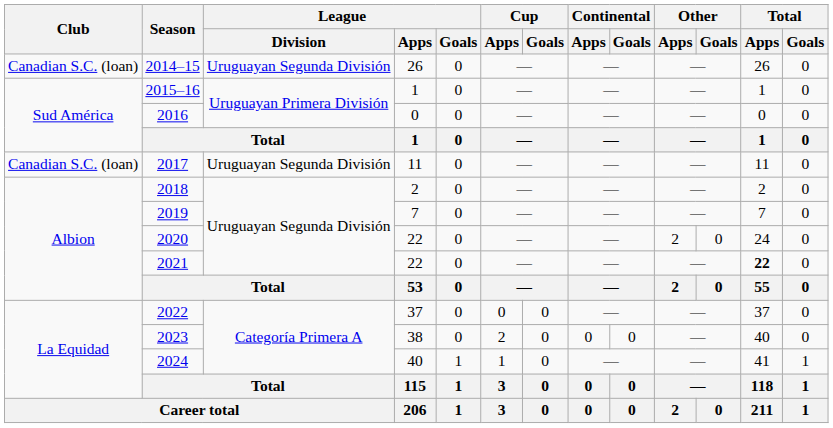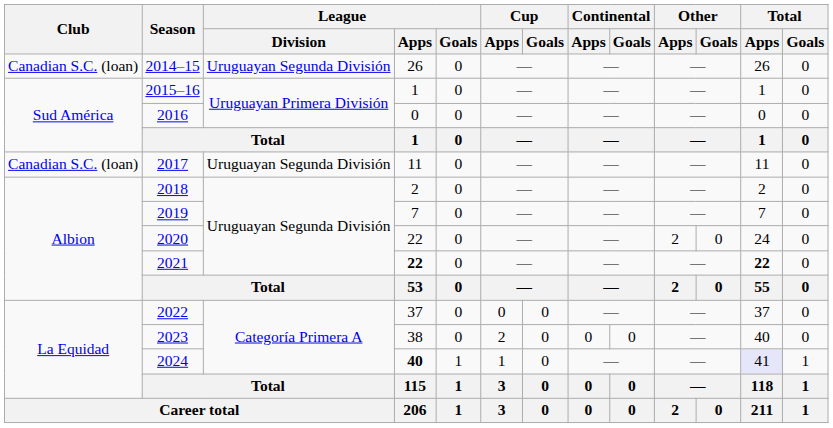 <table class="wikitable" style="text-align:center">
 <tr>
 <th rowspan="2">Club</th>
 <th rowspan="2">Season</th>
 <th colspan="3">League</th>
 <th colspan="2">Cup</th>
 <th colspan="2">Continental</th>
 <th colspan="2">Other</th>
 <th colspan="2">Total</th>
 </tr>
 <tr>
 <th>Division</th>
 <th>Apps</th>
 <th>Goals</th>
 <th>Apps</th>
 <th>Goals</th>
 <th>Apps</th>
 <th>Goals</th>
 <th>Apps</th>
 <th>Goals</th>
 <th>Apps</th>
 <th>Goals</th>
 </tr>
 <tr>
 <td><a href='#'>Canadian S.C.</a> (loan)</td>
 <td><a href='#'>2014–15</a></td>
 <td><a href='#'>Uruguayan Segunda División</a></td>
 <td>26</td>
 <td>0</td>
 <td colspan="2">—</td>
 <td colspan="2">—</td>
 <td colspan="2">—</td>
 <td>26</td>
 <td>0</td>
 </tr>
 <tr>
 <td rowspan="3"><a href='#'>Sud América</a></td>
 <td><a href='#'>2015–16</a></td>
 <td rowspan="2"><a href='#'>Uruguayan Primera División</a></td>
 <td>1</td>
 <td>0</td>
 <td colspan="2">—</td>
 <td colspan="2">—</td>
 <td colspan="2">—</td>
 <td>1</td>
 <td>0</td>
 </tr>
 <tr>
 <td><a href='#'>2016</a></td>
 <td>0</td>
 <td>0</td>
 <td colspan="2">—</td>
 <td colspan="2">—</td>
 <td colspan="2">—</td>
 <td>0</td>
 <td>0</td>
 </tr>
 <tr>
 <th colspan="2">Total</th>
 <th>1</th>
 <th>0</th>
 <th colspan="2">—</th>
 <th colspan="2">—</th>
 <th colspan="2">—</th>
 <th>1</th>
 <th>0</th>
 </tr>
 <tr>
 <td><a href='#'>Canadian S.C.</a> (loan)</td>
 <td><a href='#'>2017</a></td>
 <td>Uruguayan Segunda División</td>
 <td>11</td>
 <td>0</td>
 <td colspan="2">—</td>
 <td colspan="2">—</td>
 <td colspan="2">—</td>
 <td>11</td>
 <td>0</td>
 </tr>
 <tr>
 <td rowspan="5"><a href='#'>Albion</a></td>
 <td><a href='#'>2018</a></td>
 <td rowspan="4">Uruguayan Segunda División</td>
 <td>2</td>
 <td>0</td>
 <td colspan="2">—</td>
 <td colspan="2">—</td>
 <td colspan="2">—</td>
 <td>2</td>
 <td>0</td>
 </tr>
 <tr>
 <td><a href='#'>2019</a></td>
 <td>7</td>
 <td>0</td>
 <td colspan="2">—</td>
 <td colspan="2">—</td>
 <td colspan="2">—</td>
 <td>7</td>
 <td>0</td>
 </tr>
 <tr>
 <td><a href='#'>2020</a></td>
 <td>22</td>
 <td>0</td>
 <td colspan="2">—</td>
 <td colspan="2">—</td>
 <td>2</td>
 <td>0</td>
 <td>24</td>
 <td>0</td>
 </tr>
 <tr>
 <td><a href='#'>2021</a></td>
-<td>22</td>
+<td><strong>22</strong></td>
 <td>0</td>
 <td colspan="2">—</td>
 <td colspan="2">—</td>
 <td colspan="2">—</td>
 <td><strong>22</strong></td>
 <td>0</td>
 </tr>
 <tr>
 <th colspan="2">Total</th>
 <th>53</th>
 <th>0</th>
 <th colspan="2">—</th>
 <th colspan="2">—</th>
 <th>2</th>
 <th>0</th>
 <th>55</th>
 <th>0</th>
 </tr>
 <tr>
 <td rowspan="4"><a href='#'>La Equidad</a></td>
 <td><a href='#'>2022</a></td>
 <td rowspan="3"><a href='#'>Categoría Primera A</a></td>
 <td>37</td>
 <td>0</td>
 <td>0</td>
 <td>0</td>
 <td colspan="2">—</td>
 <td colspan="2">—</td>
 <td>37</td>
 <td>0</td>
 </tr>
 <tr>
 <td><a href='#'>2023</a></td>
 <td>38</td>
 <td>0</td>
 <td>2</td>
 <td>0</td>
 <td>0</td>
 <td>0</td>
 <td colspan="2">—</td>
 <td>40</td>
 <td>0</td>
 </tr>
 <tr>
 <td><a href='#'>2024</a></td>
-<td>40</td>
+<td><strong>40</strong></td>
 <td>1</td>
 <td>1</td>
 <td>0</td>
 <td colspan="2">—</td>
 <td colspan="2">—</td>
-<td>41</td>
+<td style="background: lavender;">41</td>
 <td>1</td>
 </tr>
 <tr>
 <th colspan="2">Total</th>
 <th>115</th>
 <th>1</th>
 <th>3</th>
 <th>0</th>
 <th>0</th>
 <th>0</th>
 <th colspan="2">—</th>
 <th>118</th>
 <th>1</th>
 </tr>
 <tr>
 <th colspan="3">Career total</th>
 <th>206</th>
 <th>1</th>
 <th>3</th>
 <th>0</th>
 <th>0</th>
 <th>0</th>
 <th>2</th>
 <th>0</th>
 <th>211</th>
 <th>1</th>
 </tr>
 </table>
